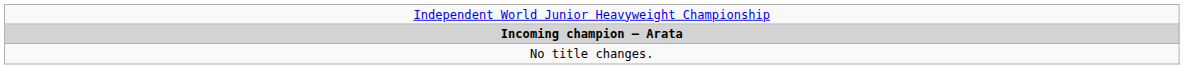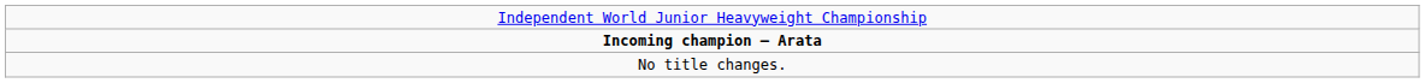 <table class="wikitable" style="text-align:center; width:100%;">
 <tr>
 <td style="text-align: center;"><a href='#'>Independent World Junior Heavyweight Championship</a></td>
 </tr>
 <tr>
-<td style="background: lightgrey; text-align: center;"><strong>Incoming champion – Arata</strong></td>
+<td style="text-align: center;"><strong>Incoming champion – Arata</strong></td>
 </tr>
 <tr>
 <td>No title changes.</td>
 </tr>
 </table>
